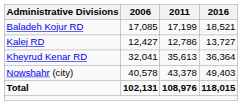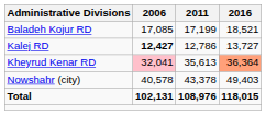 <table class="wikitable">
 <tr>
 <th>Administrative Divisions</th>
 <th>2006</th>
 <th>2011</th>
 <th>2016</th>
 </tr>
 <tr>
 <td><a href='#'>Baladeh Kojur RD</a></td>
 <td style="text-align: right;">17,085</td>
 <td style="text-align: right;">17,199</td>
 <td style="text-align: right;">18,521</td>
 </tr>
 <tr>
 <td><a href='#'>Kalej RD</a></td>
-<td style="text-align: right;">12,427</td>
+<td style="text-align: right;"><strong>12,427</strong></td>
 <td style="text-align: right;">12,786</td>
 <td style="text-align: right;">13,727</td>
 </tr>
 <tr>
 <td><a href='#'>Kheyrud Kenar RD</a></td>
-<td style="text-align: right;">32,041</td>
+<td style="background: pink; text-align: right;">32,041</td>
 <td style="text-align: right;">35,613</td>
-<td style="text-align: right;">36,364</td>
+<td style="background: lightsalmon; text-align: right;">36,364</td>
 </tr>
 <tr>
 <td><a href='#'>Nowshahr</a> (city)</td>
 <td style="text-align: right;">40,578</td>
 <td style="text-align: right;">43,378</td>
 <td style="text-align: right;">49,403</td>
 </tr>
 <tr>
 <td><strong>Total</strong></td>
 <td style="text-align: right;"><strong>102,131</strong></td>
 <td style="text-align: right;"><strong>108,976</strong></td>
 <td style="text-align: right;"><strong>118,015</strong></td>
 </tr>
 <tr>
 <td colspan=4></td>
 </tr>
 </table>
